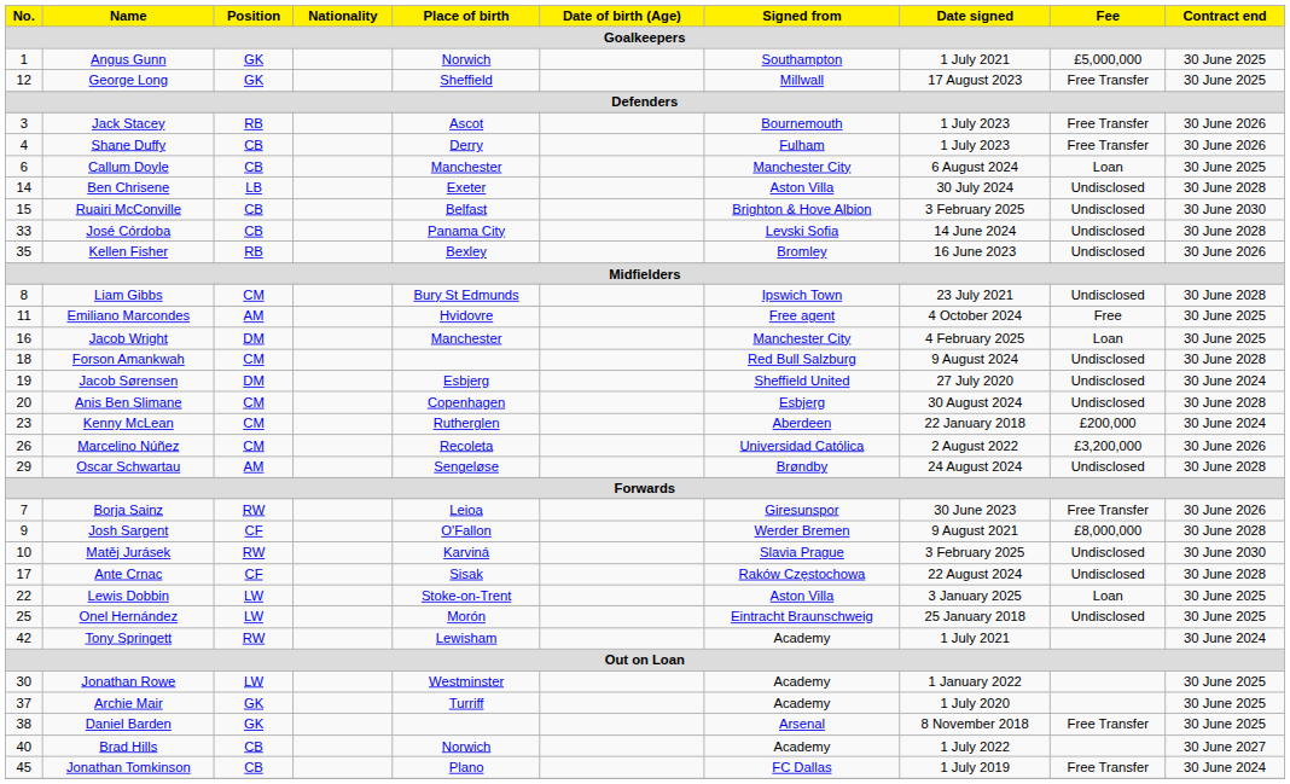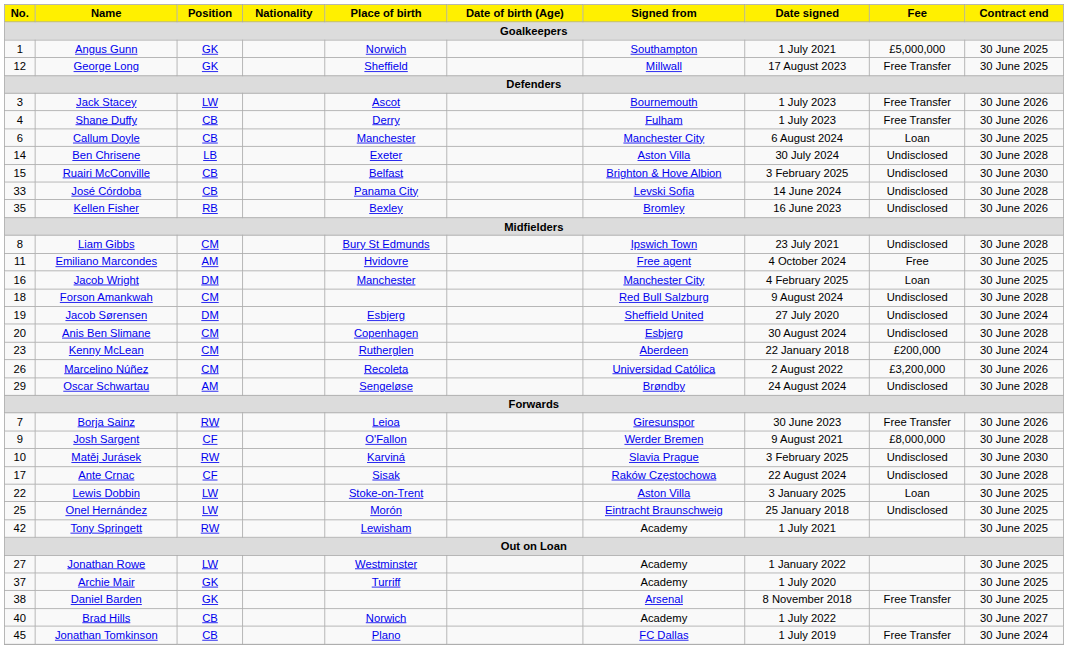 <table class="wikitable" style="text-align:center; font-size:84.5%; width:101%;">
 <tr>
 <th style="background:#fff000;color:#000000;">No.</th>
 <th style="background:#fff000;color:#000000;">Name</th>
 <th style="background:#fff000;color:#000000;">Position</th>
 <th style="background:#fff000;color:#000000;">Nationality</th>
 <th style="background:#fff000;color:#000000;">Place of birth</th>
 <th style="background:#fff000;color:#000000;">Date of birth (Age)</th>
 <th style="background:#fff000;color:#000000;">Signed from</th>
 <th style="background:#fff000;color:#000000;">Date signed</th>
 <th style="background:#fff000;color:#000000;">Fee</th>
 <th style="background:#fff000;color:#000000;">Contract end</th>
 </tr>
 <tr>
 <th colspan="14" style="background:#dcdcdc; tepxt-align:center;">Goalkeepers</th>
 </tr>
 <tr>
 <td>1</td>
 <td><a href='#'>Angus Gunn</a></td>
 <td><a href='#'>GK</a></td>
 <td></td>
 <td> <a href='#'>Norwich</a></td>
 <td></td>
 <td><a href='#'>Southampton</a></td>
 <td>1 July 2021</td>
 <td>£5,000,000</td>
 <td>30 June 2025</td>
 </tr>
 <tr>
 <td>12</td>
 <td><a href='#'>George Long</a></td>
 <td><a href='#'>GK</a></td>
 <td></td>
 <td><a href='#'>Sheffield</a></td>
 <td></td>
 <td><a href='#'>Millwall</a></td>
 <td>17 August 2023</td>
 <td>Free Transfer</td>
 <td>30 June 2025</td>
 </tr>
 <tr>
 <th colspan="14" style="background:#dcdcdc; tepxt-align:center;">Defenders</th>
 </tr>
 <tr>
 <td>3</td>
 <td><a href='#'>Jack Stacey</a></td>
-<td><a href='#'>RB</a></td>
+<td><a href='#'>LW</a></td>
 <td></td>
 <td><a href='#'>Ascot</a></td>
 <td></td>
 <td><a href='#'>Bournemouth</a></td>
 <td>1 July 2023</td>
 <td>Free Transfer</td>
 <td>30 June 2026</td>
 </tr>
 <tr>
 <td>4</td>
 <td><a href='#'>Shane Duffy</a></td>
 <td><a href='#'>CB</a></td>
 <td></td>
 <td> <a href='#'>Derry</a></td>
 <td></td>
 <td><a href='#'>Fulham</a></td>
 <td>1 July 2023</td>
 <td>Free Transfer</td>
 <td>30 June 2026</td>
 </tr>
 <tr>
 <td>6</td>
 <td><a href='#'>Callum Doyle</a></td>
 <td><a href='#'>CB</a></td>
 <td></td>
 <td><a href='#'>Manchester</a></td>
 <td></td>
 <td><a href='#'>Manchester City</a></td>
 <td>6 August 2024</td>
 <td>Loan</td>
 <td>30 June 2025</td>
 </tr>
 <tr>
 <td>14</td>
 <td><a href='#'>Ben Chrisene</a></td>
 <td><a href='#'>LB</a></td>
 <td></td>
 <td><a href='#'>Exeter</a></td>
 <td></td>
 <td><a href='#'>Aston Villa</a></td>
 <td>30 July 2024</td>
 <td>Undisclosed</td>
 <td>30 June 2028</td>
 </tr>
 <tr>
 <td>15</td>
 <td><a href='#'>Ruairi McConville</a></td>
 <td><a href='#'>CB</a></td>
 <td></td>
 <td><a href='#'>Belfast</a></td>
 <td></td>
 <td><a href='#'>Brighton & Hove Albion</a></td>
 <td>3 February 2025</td>
 <td>Undisclosed</td>
 <td>30 June 2030</td>
 </tr>
 <tr>
 <td>33</td>
 <td><a href='#'>José Córdoba</a></td>
 <td><a href='#'>CB</a></td>
 <td></td>
 <td><a href='#'>Panama City</a></td>
 <td></td>
 <td> <a href='#'>Levski Sofia</a></td>
 <td>14 June 2024</td>
 <td>Undisclosed</td>
 <td>30 June 2028</td>
 </tr>
 <tr>
 <td>35</td>
 <td><a href='#'>Kellen Fisher</a></td>
 <td><a href='#'>RB</a></td>
 <td></td>
 <td><a href='#'>Bexley</a></td>
 <td></td>
 <td><a href='#'>Bromley</a></td>
 <td>16 June 2023</td>
 <td>Undisclosed</td>
 <td>30 June 2026</td>
 </tr>
 <tr>
 <th colspan="14" style="background:#dcdcdc; tepxt-align:center;">Midfielders</th>
 </tr>
 <tr>
 <td>8</td>
 <td><a href='#'>Liam Gibbs</a></td>
 <td><a href='#'>CM</a></td>
 <td></td>
 <td><a href='#'>Bury St Edmunds</a></td>
 <td></td>
 <td><a href='#'>Ipswich Town</a></td>
 <td>23 July 2021</td>
 <td>Undisclosed</td>
 <td>30 June 2028</td>
 </tr>
 <tr>
 <td>11</td>
 <td><a href='#'>Emiliano Marcondes</a></td>
 <td><a href='#'>AM</a></td>
 <td></td>
 <td><a href='#'>Hvidovre</a></td>
 <td></td>
 <td><a href='#'>Free agent</a></td>
 <td>4 October 2024</td>
 <td>Free</td>
 <td>30 June 2025</td>
 </tr>
 <tr>
 <td>16</td>
 <td><a href='#'>Jacob Wright</a></td>
 <td><a href='#'>DM</a></td>
 <td></td>
 <td><a href='#'>Manchester</a></td>
 <td></td>
 <td><a href='#'>Manchester City</a></td>
 <td>4 February 2025</td>
 <td>Loan</td>
 <td>30 June 2025</td>
 </tr>
 <tr>
 <td>18</td>
 <td><a href='#'>Forson Amankwah</a></td>
 <td><a href='#'>CM</a></td>
 <td></td>
 <td></td>
 <td></td>
 <td> <a href='#'>Red Bull Salzburg</a></td>
 <td>9 August 2024</td>
 <td>Undisclosed</td>
 <td>30 June 2028</td>
 </tr>
 <tr>
 <td>19</td>
 <td><a href='#'>Jacob Sørensen</a></td>
 <td><a href='#'>DM</a></td>
 <td></td>
 <td><a href='#'>Esbjerg</a></td>
 <td></td>
 <td><a href='#'>Sheffield United</a></td>
 <td>27 July 2020</td>
 <td>Undisclosed</td>
 <td>30 June 2024</td>
 </tr>
 <tr>
 <td>20</td>
 <td><a href='#'>Anis Ben Slimane</a></td>
 <td><a href='#'>CM</a></td>
 <td></td>
 <td> <a href='#'>Copenhagen</a></td>
 <td></td>
 <td> <a href='#'>Esbjerg</a></td>
 <td>30 August 2024</td>
 <td>Undisclosed</td>
 <td>30 June 2028</td>
 </tr>
 <tr>
 <td>23</td>
 <td><a href='#'>Kenny McLean</a></td>
 <td><a href='#'>CM</a></td>
 <td></td>
 <td><a href='#'>Rutherglen</a></td>
 <td></td>
 <td> <a href='#'>Aberdeen</a></td>
 <td>22 January 2018</td>
 <td>£200,000</td>
 <td>30 June 2024</td>
 </tr>
 <tr>
 <td>26</td>
 <td><a href='#'>Marcelino Núñez</a></td>
 <td><a href='#'>CM</a></td>
 <td></td>
 <td><a href='#'>Recoleta</a></td>
 <td></td>
 <td> <a href='#'>Universidad Católica</a></td>
 <td>2 August 2022</td>
 <td>£3,200,000</td>
 <td>30 June 2026</td>
 </tr>
 <tr>
 <td>29</td>
 <td><a href='#'>Oscar Schwartau</a></td>
 <td><a href='#'>AM</a></td>
 <td></td>
 <td><a href='#'>Sengeløse</a></td>
 <td></td>
 <td> <a href='#'>Brøndby</a></td>
 <td>24 August 2024</td>
 <td>Undisclosed</td>
 <td>30 June 2028</td>
 </tr>
 <tr>
 <th colspan="14" style="background:#dcdcdc; tepxt-align:center;">Forwards</th>
 </tr>
 <tr>
 <td>7</td>
 <td><a href='#'>Borja Sainz</a></td>
 <td><a href='#'>RW</a></td>
 <td></td>
 <td><a href='#'>Leioa</a></td>
 <td></td>
 <td> <a href='#'>Giresunspor</a></td>
 <td>30 June 2023</td>
 <td>Free Transfer</td>
 <td>30 June 2026</td>
 </tr>
 <tr>
 <td>9</td>
 <td><a href='#'>Josh Sargent</a></td>
 <td><a href='#'>CF</a></td>
 <td></td>
 <td><a href='#'>O'Fallon</a></td>
 <td></td>
 <td> <a href='#'>Werder Bremen</a></td>
 <td>9 August 2021</td>
 <td>£8,000,000</td>
 <td>30 June 2028</td>
 </tr>
 <tr>
 <td>10</td>
 <td><a href='#'>Matěj Jurásek</a></td>
 <td><a href='#'>RW</a></td>
 <td></td>
 <td><a href='#'>Karviná</a></td>
 <td></td>
 <td> <a href='#'>Slavia Prague</a></td>
 <td>3 February 2025</td>
 <td>Undisclosed</td>
 <td>30 June 2030</td>
 </tr>
 <tr>
 <td>17</td>
 <td><a href='#'>Ante Crnac</a></td>
 <td><a href='#'>CF</a></td>
 <td></td>
 <td><a href='#'>Sisak</a></td>
 <td></td>
 <td> <a href='#'>Raków Częstochowa</a></td>
 <td>22 August 2024</td>
 <td>Undisclosed</td>
 <td>30 June 2028</td>
 </tr>
 <tr>
 <td>22</td>
 <td><a href='#'>Lewis Dobbin</a></td>
 <td><a href='#'>LW</a></td>
 <td></td>
 <td><a href='#'>Stoke-on-Trent</a></td>
 <td></td>
 <td><a href='#'>Aston Villa</a></td>
 <td>3 January 2025</td>
 <td>Loan</td>
 <td>30 June 2025</td>
 </tr>
 <tr>
 <td>25</td>
 <td><a href='#'>Onel Hernández</a></td>
 <td><a href='#'>LW</a></td>
 <td></td>
 <td><a href='#'>Morón</a></td>
 <td></td>
 <td> <a href='#'>Eintracht Braunschweig</a></td>
 <td>25 January 2018</td>
 <td>Undisclosed</td>
 <td>30 June 2025</td>
 </tr>
 <tr>
 <td>42</td>
 <td><a href='#'>Tony Springett</a></td>
 <td><a href='#'>RW</a></td>
 <td></td>
 <td> <a href='#'>Lewisham</a></td>
 <td></td>
 <td>Academy</td>
 <td>1 July 2021</td>
 <td></td>
-<td>30 June 2024</td>
+<td>30 June 2025</td>
 </tr>
 <tr>
 <th colspan="14" style="background:#dcdcdc; tepxt-align:center;">Out on Loan</th>
 </tr>
 <tr>
-<td>30</td>
+<td>27</td>
 <td><a href='#'>Jonathan Rowe</a></td>
 <td><a href='#'>LW</a></td>
 <td></td>
 <td><a href='#'>Westminster</a></td>
 <td></td>
 <td>Academy</td>
 <td>1 January 2022</td>
 <td></td>
 <td>30 June 2025</td>
 </tr>
 <tr>
 <td>37</td>
 <td><a href='#'>Archie Mair</a></td>
 <td><a href='#'>GK</a></td>
 <td></td>
 <td><a href='#'>Turriff</a></td>
 <td></td>
 <td>Academy</td>
 <td>1 July 2020</td>
 <td></td>
 <td>30 June 2025</td>
 </tr>
 <tr>
 <td>38</td>
 <td><a href='#'>Daniel Barden</a></td>
 <td><a href='#'>GK</a></td>
 <td></td>
 <td></td>
 <td></td>
 <td><a href='#'>Arsenal</a></td>
 <td>8 November 2018</td>
 <td>Free Transfer</td>
 <td>30 June 2025</td>
 </tr>
 <tr>
 <td>40</td>
 <td><a href='#'>Brad Hills</a></td>
 <td><a href='#'>CB</a></td>
 <td></td>
 <td><a href='#'>Norwich</a></td>
 <td></td>
 <td>Academy</td>
 <td>1 July 2022</td>
 <td></td>
 <td>30 June 2027</td>
 </tr>
 <tr>
 <td>45</td>
 <td><a href='#'>Jonathan Tomkinson</a></td>
 <td><a href='#'>CB</a></td>
 <td></td>
 <td><a href='#'>Plano</a></td>
 <td></td>
 <td> <a href='#'>FC Dallas</a></td>
 <td>1 July 2019</td>
 <td>Free Transfer</td>
 <td>30 June 2024</td>
 </tr>
 <tr>
 </tr>
 </table>
